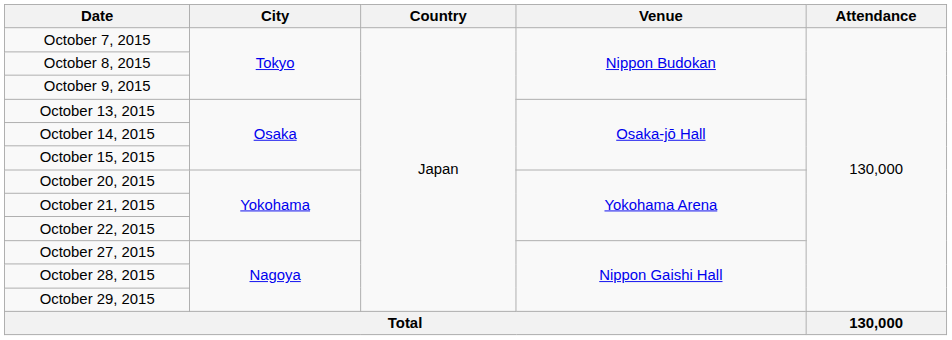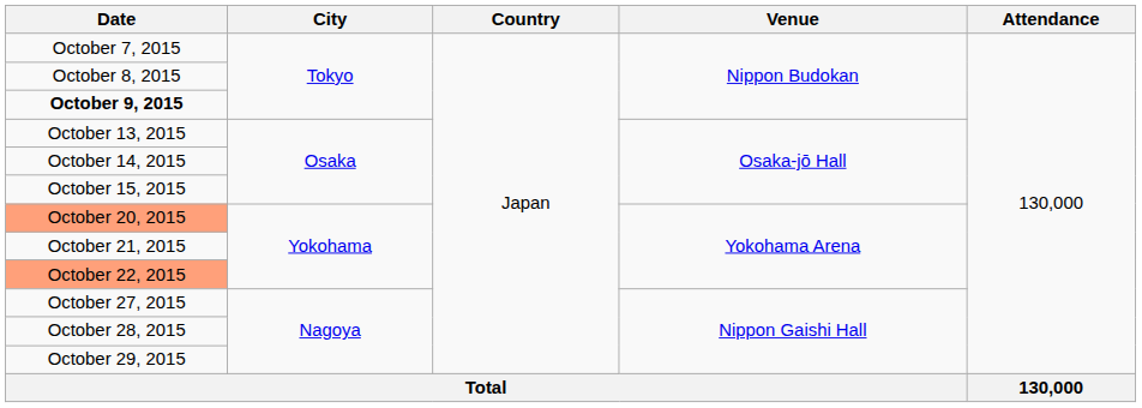 <table class="wikitable" style="text-align:center;">
 <tr>
 <th scope="col" style="width:12em;">Date</th>
 <th scope="col" style="width:11em;">City</th>
 <th scope="col" style="width:10em;">Country</th>
 <th scope="col" style="width:19em;">Venue</th>
 <th scope="col" style="width:9em;">Attendance</th>
 </tr>
 <tr>
 <td>October 7, 2015</td>
 <td rowspan="3"><a href='#'>Tokyo</a></td>
 <td rowspan="12">Japan</td>
 <td rowspan="3"><a href='#'>Nippon Budokan</a></td>
 <td rowspan="12">130,000</td>
 </tr>
 <tr>
 <td>October 8, 2015</td>
 </tr>
 <tr>
-<td>October 9, 2015</td>
+<td><strong>October 9, 2015</strong></td>
 </tr>
 <tr>
 <td>October 13, 2015</td>
 <td rowspan="3"><a href='#'>Osaka</a></td>
 <td rowspan="3"><a href='#'>Osaka-jō Hall</a></td>
 </tr>
 <tr>
 <td>October 14, 2015</td>
 </tr>
 <tr>
 <td>October 15, 2015</td>
 </tr>
 <tr>
-<td>October 20, 2015</td>
+<td style="background: lightsalmon;">October 20, 2015</td>
 <td rowspan="3"><a href='#'>Yokohama</a></td>
 <td rowspan="3"><a href='#'>Yokohama Arena</a></td>
 </tr>
 <tr>
 <td>October 21, 2015</td>
 </tr>
 <tr>
-<td>October 22, 2015</td>
+<td style="background: lightsalmon;">October 22, 2015</td>
 </tr>
 <tr>
 <td>October 27, 2015</td>
 <td rowspan="3"><a href='#'>Nagoya</a></td>
 <td rowspan="3"><a href='#'>Nippon Gaishi Hall</a></td>
 </tr>
 <tr>
 <td>October 28, 2015</td>
 </tr>
 <tr>
 <td>October 29, 2015</td>
 </tr>
 <tr>
 <th colspan="4">Total</th>
 <th>130,000</th>
 </tr>
 </table>
